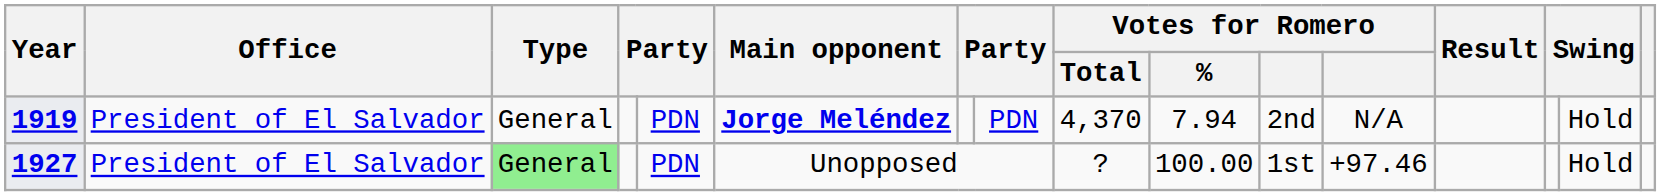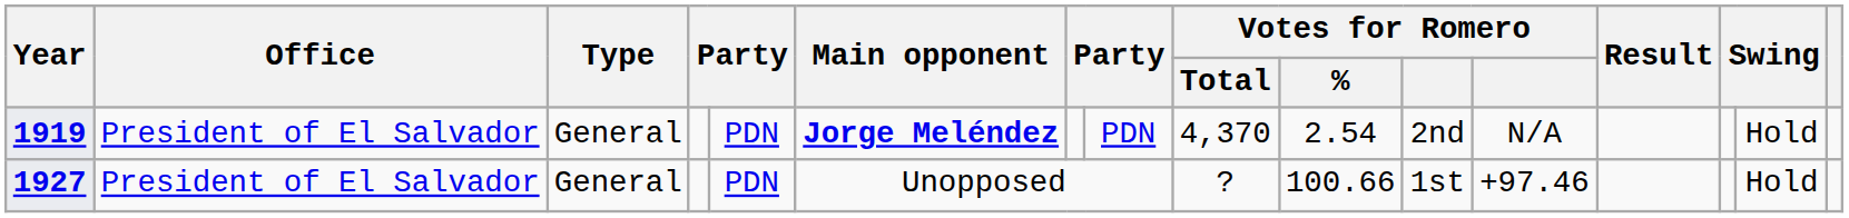 <table class="wikitable" style="font-size:90%; text-align:center;">
 <tr>
 <th rowspan="2">Year</th>
 <th rowspan="2">Office</th>
 <th rowspan="2">Type</th>
 <th colspan="2" rowspan="2">Party</th>
 <th rowspan="2">Main opponent</th>
 <th colspan="2" rowspan="2">Party</th>
 <th colspan="4">Votes for Romero</th>
 <th rowspan="2">Result</th>
 <th colspan="2" rowspan="2">Swing</th>
 <th rowspan="2"></th>
 </tr>
 <tr>
 <th>Total</th>
 <th>%</th>
 <th></th>
 <th></th>
 </tr>
 <tr>
 <th style="background-color:#EAECF0;"><a href='#'>1919</a></th>
 <td><a href='#'>President of El Salvador</a></td>
 <td>General</td>
 <td style="background-color:"></td>
 <td><a href='#'>PDN</a></td>
 <td><strong><a href='#'>Jorge Meléndez</a></strong></td>
 <td style="background-color:"></td>
 <td><a href='#'>PDN</a></td>
 <td>4,370</td>
-<td>7.94</td>
+<td>2.54</td>
 <td>2nd</td>
 <td>N/A</td>
 <td></td>
 <td style="background-color:"></td>
 <td>Hold</td>
 <td></td>
 </tr>
 <tr>
 <th style="background-color:#EAECF0;"><a href='#'>1927</a></th>
 <td><a href='#'>President of El Salvador</a></td>
-<td style="background: lightgreen;">General</td>
+<td>General</td>
 <td style="background-color:"></td>
 <td><a href='#'>PDN</a></td>
 <td colspan="3">Unopposed</td>
 <td>?</td>
-<td>100.00</td>
+<td>100.66</td>
 <td>1st</td>
 <td>+97.46</td>
 <td></td>
 <td style="background-color:"></td>
 <td>Hold</td>
 <td></td>
 </tr>
 </table>
